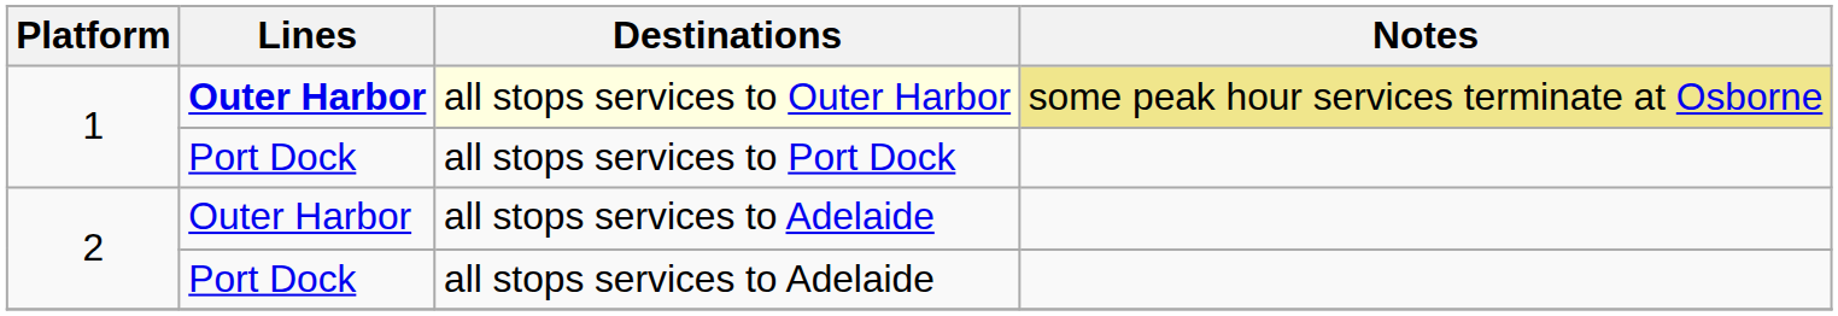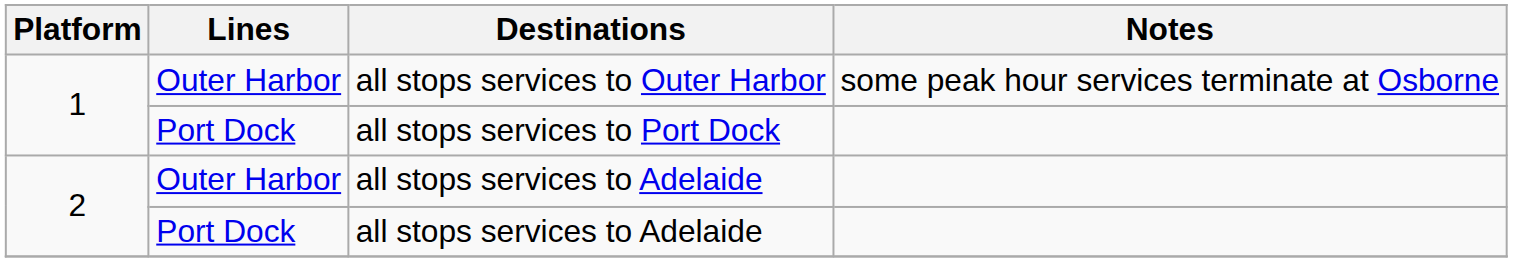 <table class="wikitable" style="float: none; margin: 0.5em; ">
 <tr>
 <th>Platform</th>
 <th>Lines</th>
 <th>Destinations</th>
 <th>Notes</th>
 </tr>
 <tr>
 <td rowspan="2" style="text-align:center;">1</td>
-<td style=background:#><strong><a href='#'><span>Outer Harbor</span></a></strong></td>
-<td style="background: lightyellow;">all stops services to <a href='#'>Outer Harbor</a></td>
-<td style="background: khaki;">some peak hour services terminate at <a href='#'>Osborne</a></td>
+<td style=background:#><a href='#'><span>Outer Harbor</span></a></td>
+<td>all stops services to <a href='#'>Outer Harbor</a></td>
+<td>some peak hour services terminate at <a href='#'>Osborne</a></td>
 </tr>
 <tr>
 <td style=background:#><a href='#'><span>Port Dock</span></a></td>
 <td>all stops services to <a href='#'>Port Dock</a></td>
 <td></td>
 </tr>
 <tr>
 <td rowspan="2" style="text-align:center;">2</td>
 <td style=background:#><a href='#'><span>Outer Harbor</span></a></td>
 <td>all stops services to <a href='#'>Adelaide</a></td>
 <td></td>
 </tr>
 <tr>
 <td style=background:#><a href='#'><span>Port Dock</span></a></td>
 <td>all stops services to Adelaide</td>
 <td></td>
 </tr>
 <tr>
 </tr>
 </table>
